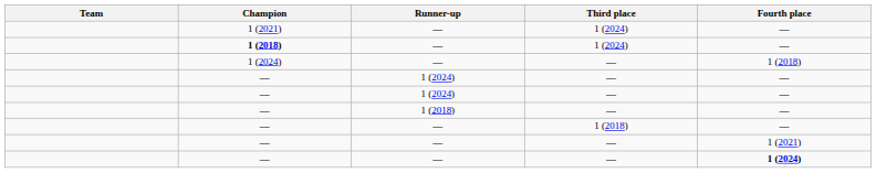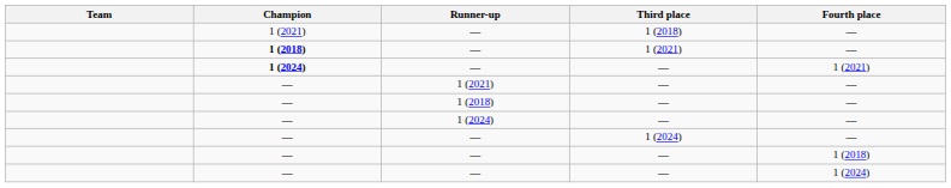 <table class="wikitable" style="font-size:90%; text-align:center; width:100%;">
 <tr>
 <th style="width:20%;">Team</th>
 <th style="width:20%;">Champion</th>
 <th style="width:20%;">Runner-up</th>
 <th style="width:20%;">Third place</th>
 <th style="width:20%;">Fourth place</th>
 </tr>
 <tr>
 <td style="text-align:left"></td>
 <td>1 (<a href='#'>2021</a>)</td>
 <td>—</td>
-<td>1 (<a href='#'>2024</a>)</td>
+<td>1 (<a href='#'>2018</a>)</td>
 <td>—</td>
 </tr>
 <tr>
 <td style="text-align:left"></td>
 <td><strong>1 (<a href='#'>2018</a>)</strong></td>
 <td>—</td>
-<td>1 (<a href='#'>2024</a>)</td>
+<td>1 (<a href='#'>2021</a>)</td>
 <td>—</td>
 </tr>
 <tr>
 <td style="text-align:left"></td>
-<td>1 (<a href='#'>2024</a>)</td>
+<td><strong>1 (<a href='#'>2024</a>)</strong></td>
 <td>—</td>
 <td>—</td>
-<td>1 (<a href='#'>2018</a>)</td>
+<td>1 (<a href='#'>2021</a>)</td>
 </tr>
 <tr>
 <td style="text-align:left"></td>
 <td>—</td>
-<td>1 (<a href='#'>2024</a>)</td>
+<td>1 (<a href='#'>2021</a>)</td>
+<td>—</td>
+<td>—</td>
+</tr>
+<tr>
+<td style="text-align:left"></td>
+<td>—</td>
+<td>1 (<a href='#'>2018</a>)</td>
 <td>—</td>
 <td>—</td>
 </tr>
 <tr>
 <td style="text-align:left"></td>
 <td>—</td>
 <td>1 (<a href='#'>2024</a>)</td>
 <td>—</td>
 <td>—</td>
 </tr>
 <tr>
 <td style="text-align:left"></td>
 <td>—</td>
-<td>1 (<a href='#'>2018</a>)</td>
 <td>—</td>
-<td>—</td>
-</tr>
-<tr>
-<td style="text-align:left"></td>
-<td>—</td>
-<td>—</td>
-<td>1 (<a href='#'>2018</a>)</td>
+<td>1 (<a href='#'>2024</a>)</td>
 <td>—</td>
 </tr>
 <tr>
 <td style="text-align:left"></td>
 <td>—</td>
 <td>—</td>
 <td>—</td>
-<td>1 (<a href='#'>2021</a>)</td>
+<td>1 (<a href='#'>2018</a>)</td>
 </tr>
 <tr>
 <td style="text-align:left"></td>
 <td>—</td>
 <td>—</td>
 <td>—</td>
-<td><strong>1 (<a href='#'>2024</a>)</strong></td>
+<td>1 (<a href='#'>2024</a>)</td>
 </tr>
 </table>
